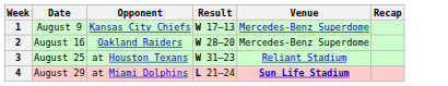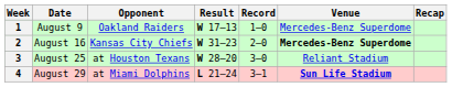 <table class="wikitable" style="text-align:center">
 <tr>
 <th>Week</th>
 <th>Date</th>
 <th>Opponent</th>
 <th>Result</th>
+<th>Record</th>
 <th>Venue</th>
 <th>Recap</th>
 </tr>
 <tr style="background:#cfc">
 <th>1</th>
 <td>August 9</td>
-<td><a href='#'>Kansas City Chiefs</a></td>
+<td><a href='#'>Oakland Raiders</a></td>
 <td><strong>W</strong> 17–13</td>
+<td>1–0</td>
 <td><a href='#'>Mercedes-Benz Superdome</a></td>
 <td></td>
 </tr>
 <tr style="background:#cfc">
 <th>2</th>
 <td>August 16</td>
-<td><a href='#'>Oakland Raiders</a></td>
-<td><strong>W</strong> 28–20</td>
-<td>Mercedes-Benz Superdome</td>
+<td><a href='#'>Kansas City Chiefs</a></td>
+<td><strong>W </strong>31–23</td>
+<td>2–0</td>
+<td><strong>Mercedes-Benz Superdome</strong></td>
 <td></td>
 </tr>
 <tr style="background:#cfc">
 <th>3</th>
 <td>August 25</td>
 <td>at <a href='#'>Houston Texans</a></td>
-<td><strong>W </strong>31–23</td>
+<td><strong>W</strong> 28–20</td>
+<td>3–0</td>
 <td><a href='#'>Reliant Stadium</a></td>
 <td></td>
 </tr>
 <tr style="background:#fcc">
 <th>4</th>
 <td>August 29</td>
 <td>at <a href='#'>Miami Dolphins</a></td>
 <td><strong>L</strong> 21–24</td>
+<td>3–1</td>
 <td><strong><a href='#'>Sun Life Stadium</a></strong></td>
 <td></td>
 </tr>
 </table>
